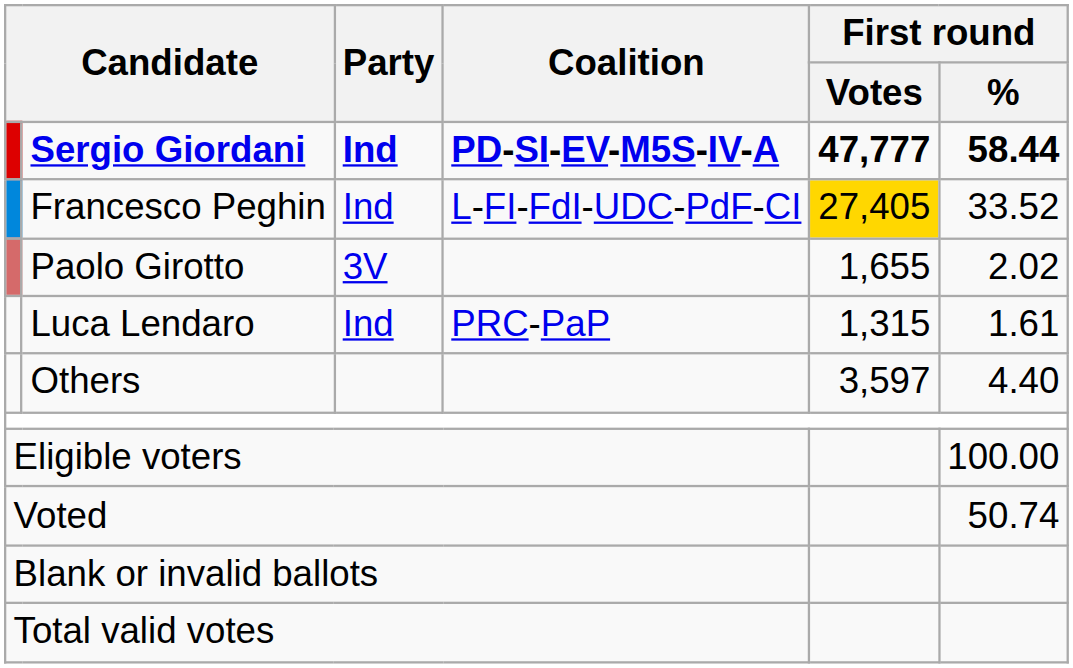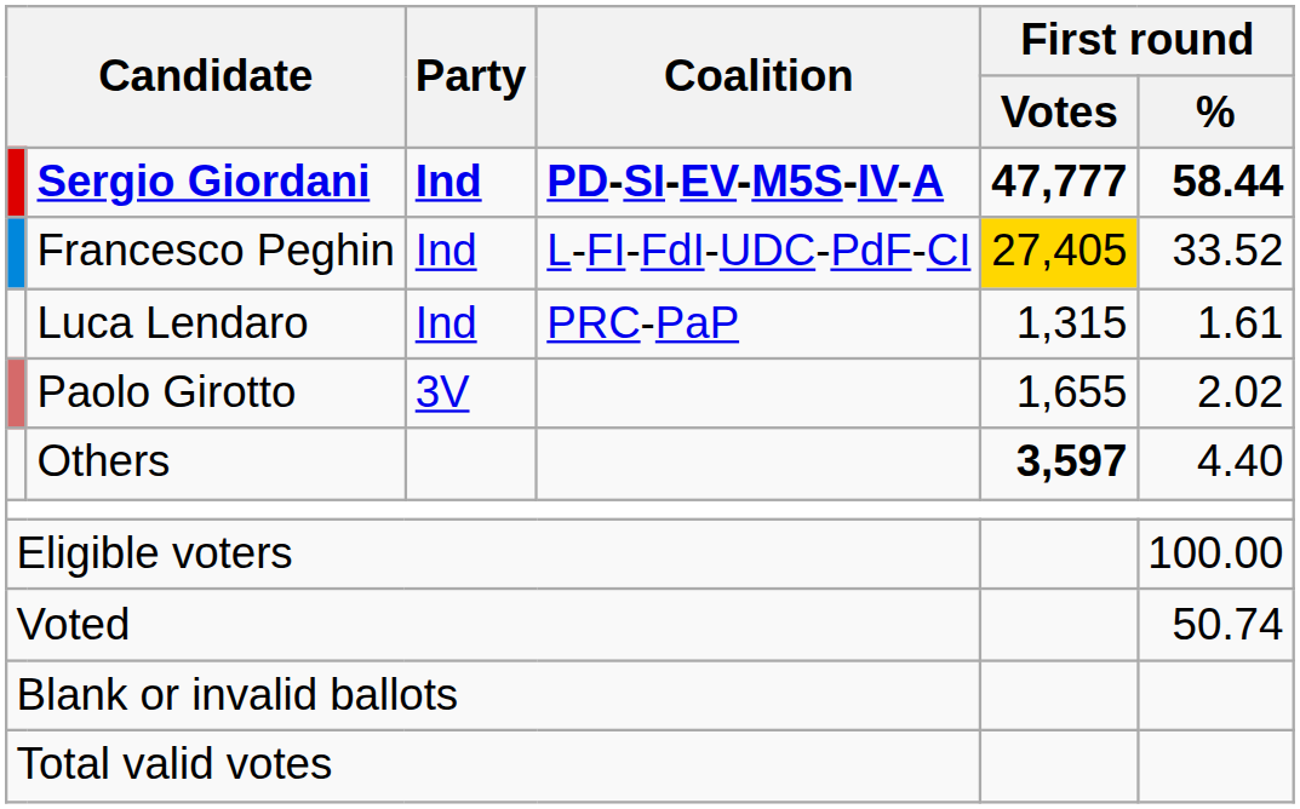 <table class="wikitable centre">
 <tr>
 <th scope="col" rowspan=2 colspan=2>Candidate</th>
 <th scope="col" rowspan=2 colspan=1>Party</th>
 <th scope="col" rowspan=2 colspan=1>Coalition</th>
 <th scope="col" colspan=2>First round</th>
 </tr>
 <tr>
 <th scope="col">Votes</th>
 <th scope="col">%</th>
 </tr>
 <tr>
 <td bgcolor="#dd0000"></td>
 <td><strong><a href='#'>Sergio Giordani</a></strong></td>
 <td><strong><a href='#'>Ind</a></strong></td>
 <td><strong><a href='#'>PD</a>-<a href='#'>SI</a>-<a href='#'>EV</a>-<a href='#'>M5S</a>-<a href='#'>IV</a>-<a href='#'>A</a></strong></td>
 <td style="text-align: right"><strong>47,777</strong></td>
 <td style="text-align: right"><strong>58.44</strong></td>
 </tr>
 <tr>
 <td bgcolor="#0087DC"></td>
 <td>Francesco Peghin</td>
 <td><a href='#'>Ind</a></td>
 <td><a href='#'>L</a>-<a href='#'>FI</a>-<a href='#'>FdI</a>-<a href='#'>UDC</a>-<a href='#'>PdF</a>-<a href='#'>CI</a></td>
 <td style="background: gold; text-align: right">27,405</td>
 <td style="text-align: right">33.52</td>
 </tr>
 <tr>
+<td></td>
+<td>Luca Lendaro</td>
+<td><a href='#'>Ind</a></td>
+<td><a href='#'>PRC</a>-<a href='#'>PaP</a></td>
+<td style="text-align: right">1,315</td>
+<td style="text-align: right">1.61</td>
+</tr>
+<tr>
 <td bgcolor="#D56A6A"></td>
 <td>Paolo Girotto</td>
 <td><a href='#'>3V</a></td>
 <td></td>
 <td style="text-align: right">1,655</td>
 <td style="text-align: right">2.02</td>
 </tr>
 <tr>
-<td></td>
-<td>Luca Lendaro</td>
-<td><a href='#'>Ind</a></td>
-<td><a href='#'>PRC</a>-<a href='#'>PaP</a></td>
-<td style="text-align: right">1,315</td>
-<td style="text-align: right">1.61</td>
-</tr>
-<tr>
 <td bgcolor=""></td>
 <td>Others</td>
 <td></td>
 <td></td>
-<td style="text-align: right">3,597</td>
+<td style="text-align: right"><strong>3,597</strong></td>
 <td style="text-align: right">4.40</td>
 </tr>
 <tr bgcolor=white>
 <td colspan=6></td>
 </tr>
 <tr>
 <td colspan=4>Eligible voters</td>
 <td style="text-align: right"></td>
 <td style="text-align: right">100.00</td>
 </tr>
 <tr>
 <td colspan=4>Voted</td>
 <td style="text-align: right"></td>
 <td style="text-align: right">50.74</td>
 </tr>
 <tr>
 <td colspan=4>Blank or invalid ballots</td>
 <td style="text-align: right"></td>
 <td style="text-align: right"></td>
 </tr>
 <tr>
 <td colspan=4>Total valid votes</td>
 <td style="text-align: right"></td>
 <td style="text-align: right"></td>
 </tr>
 </table>
